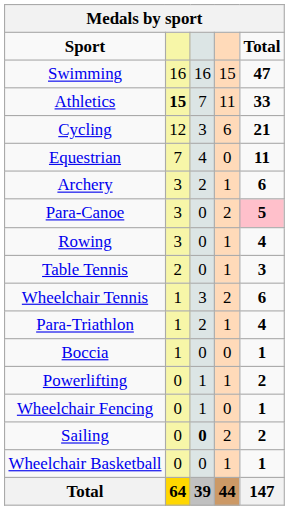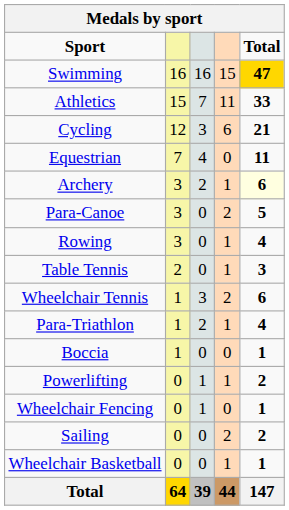 <table class="wikitable" style="font-size:95%">
 <tr style="background:#efefef;">
 <th colspan=5>Medals by sport</th>
 </tr>
 <tr style="text-align:center;">
 <td><strong>Sport</strong></td>
 <td style="background:#f7f6a8;"></td>
 <td style="background:#dce5e5;"></td>
 <td style="background:#ffdab9;"></td>
 <td><strong>Total</strong></td>
 </tr>
 <tr style="text-align:center;">
 <td><a href='#'>Swimming</a></td>
 <td style="background:#F7F6A8;">16</td>
 <td style="background:#DCE5E5;">16</td>
 <td style="background:#FFDAB9;">15</td>
-<td><strong>47</strong></td>
+<td style="background: gold;"><strong>47</strong></td>
 </tr>
 <tr style="text-align:center;">
 <td><a href='#'>Athletics</a></td>
-<td style="background:#F7F6A8;"><strong>15</strong></td>
+<td style="background:#F7F6A8;">15</td>
 <td style="background:#DCE5E5;">7</td>
 <td style="background:#FFDAB9;">11</td>
 <td><strong>33</strong></td>
 </tr>
 <tr style="text-align:center;">
 <td><a href='#'>Cycling</a></td>
 <td style="background:#F7F6A8;">12</td>
 <td style="background:#DCE5E5;">3</td>
 <td style="background:#FFDAB9;">6</td>
 <td><strong>21</strong></td>
 </tr>
 <tr style="text-align:center;">
 <td><a href='#'>Equestrian</a></td>
 <td style="background:#F7F6A8;">7</td>
 <td style="background:#DCE5E5;">4</td>
 <td style="background:#FFDAB9;">0</td>
 <td><strong>11</strong></td>
 </tr>
 <tr style="text-align:center;">
 <td><a href='#'>Archery</a></td>
 <td style="background:#F7F6A8;">3</td>
 <td style="background:#DCE5E5;">2</td>
 <td style="background:#FFDAB9;">1</td>
-<td><strong>6</strong></td>
+<td style="background: lightyellow;"><strong>6</strong></td>
 </tr>
 <tr style="text-align:center;">
 <td><a href='#'>Para-Canoe</a></td>
 <td style="background:#F7F6A8;">3</td>
 <td style="background:#DCE5E5;">0</td>
 <td style="background:#FFDAB9;">2</td>
-<td style="background: pink;"><strong>5</strong></td>
+<td><strong>5</strong></td>
 </tr>
 <tr style="text-align:center;">
 <td><a href='#'>Rowing</a></td>
 <td style="background:#F7F6A8;">3</td>
 <td style="background:#DCE5E5;">0</td>
 <td style="background:#FFDAB9;">1</td>
 <td><strong>4</strong></td>
 </tr>
 <tr style="text-align:center;">
 <td><a href='#'>Table Tennis</a></td>
 <td style="background:#F7F6A8;">2</td>
 <td style="background:#DCE5E5;">0</td>
 <td style="background:#FFDAB9;">1</td>
 <td><strong>3</strong></td>
 </tr>
 <tr style="text-align:center;">
 <td><a href='#'>Wheelchair Tennis</a></td>
 <td style="background:#F7F6A8;">1</td>
 <td style="background:#DCE5E5;">3</td>
 <td style="background:#FFDAB9;">2</td>
 <td><strong>6</strong></td>
 </tr>
 <tr style="text-align:center;">
 <td><a href='#'>Para-Triathlon</a></td>
 <td style="background:#F7F6A8;">1</td>
 <td style="background:#DCE5E5;">2</td>
 <td style="background:#FFDAB9;">1</td>
 <td><strong>4</strong></td>
 </tr>
 <tr style="text-align:center;">
 <td><a href='#'>Boccia</a></td>
 <td style="background:#F7F6A8;">1</td>
 <td style="background:#DCE5E5;">0</td>
 <td style="background:#FFDAB9;">0</td>
 <td><strong>1</strong></td>
 </tr>
 <tr style="text-align:center;">
 <td><a href='#'>Powerlifting</a></td>
 <td style="background:#F7F6A8;">0</td>
 <td style="background:#DCE5E5;">1</td>
 <td style="background:#FFDAB9;">1</td>
 <td><strong>2</strong></td>
 </tr>
 <tr style="text-align:center;">
 <td><a href='#'>Wheelchair Fencing</a></td>
 <td style="background:#F7F6A8;">0</td>
 <td style="background:#DCE5E5;">1</td>
 <td style="background:#FFDAB9;">0</td>
 <td><strong>1</strong></td>
 </tr>
 <tr style="text-align:center;">
 <td><a href='#'>Sailing</a></td>
 <td style="background:#F7F6A8;">0</td>
-<td style="background:#DCE5E5;"><strong>0</strong></td>
+<td style="background:#DCE5E5;">0</td>
 <td style="background:#FFDAB9;">2</td>
 <td><strong>2</strong></td>
 </tr>
 <tr style="text-align:center;">
 <td><a href='#'>Wheelchair Basketball</a></td>
 <td style="background:#F7F6A8;">0</td>
 <td style="background:#DCE5E5;">0</td>
 <td style="background:#FFDAB9;">1</td>
 <td><strong>1</strong></td>
 </tr>
 <tr>
 <th>Total</th>
 <th style="background:gold;">64</th>
 <th style="background:silver;">39</th>
 <th style="background:#c96;">44</th>
 <th>147</th>
 </tr>
 </table>
